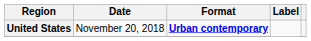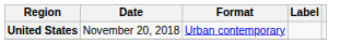 <table class="wikitable plainrowheaders">
 <tr>
 <th scope="col">Region</th>
 <th scope="col">Date</th>
 <th scope="col">Format</th>
 <th scope="col">Label</th>
 <th scope="col"></th>
 </tr>
 <tr>
 <th scope="row">United States</th>
 <td>November 20, 2018</td>
-<td><strong><a href='#'>Urban contemporary</a></strong></td>
+<td><a href='#'>Urban contemporary</a></td>
 <td rowspan="2"></td>
 <td></td>
 </tr>
 <tr>
 </tr>
 </table>
